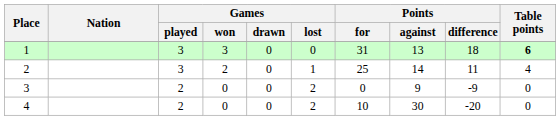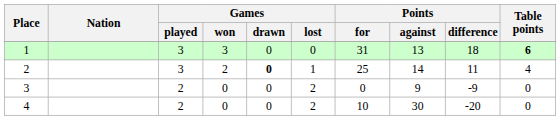 <table class="wikitable">
 <tr>
 <th rowspan=2 width="8%">Place</th>
 <th rowspan=2 width="20%">Nation</th>
 <th colspan=4 width="32%">Games</th>
 <th colspan=3 width="30%">Points</th>
 <th rowspan=2 width="10%">Table<br>points</th>
 </tr>
 <tr>
 <th width="8%">played</th>
 <th width="8%">won</th>
 <th width="8%">drawn</th>
 <th width="8%">lost</th>
 <th width="10%">for</th>
 <th width="10%">against</th>
 <th width="10%">difference</th>
 </tr>
 <tr>
 </tr>
 <tr bgcolor=#ccffcc align=center>
 <td>1</td>
 <td align=left></td>
 <td>3</td>
 <td>3</td>
 <td>0</td>
 <td>0</td>
 <td>31</td>
 <td>13</td>
 <td>18</td>
 <td><strong>6</strong></td>
 </tr>
 <tr bgcolor=#ffffff align=center>
 <td>2</td>
 <td align=left></td>
 <td>3</td>
 <td>2</td>
-<td>0</td>
+<td><strong>0</strong></td>
 <td>1</td>
 <td>25</td>
 <td>14</td>
 <td>11</td>
 <td>4</td>
 </tr>
 <tr bgcolor=#ffffff align=center>
 <td>3</td>
 <td align=left><em></em></td>
 <td>2</td>
 <td>0</td>
 <td>0</td>
 <td>2</td>
 <td>0</td>
 <td>9</td>
 <td>-9</td>
 <td>0</td>
 </tr>
 <tr bgcolor=#ffffff align=center>
 <td>4</td>
 <td align=left><em></em></td>
 <td>2</td>
 <td>0</td>
 <td>0</td>
 <td>2</td>
 <td>10</td>
 <td>30</td>
 <td>-20</td>
 <td>0</td>
 </tr>
 </table>
